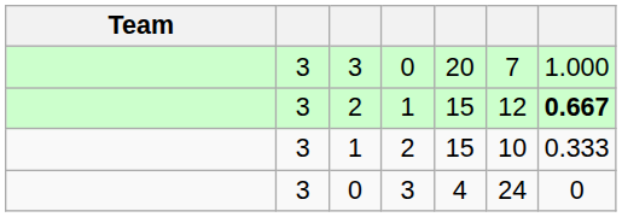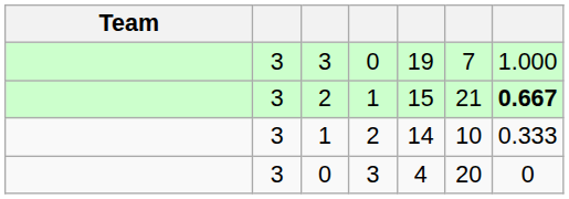 <table class="wikitable" style="text-align: center; font-size:100% ">
 <tr>
 <th width=160>Team</th>
 <th width=25></th>
 <th width=25></th>
 <th width=25></th>
 <th width=25></th>
 <th width=25></th>
 <th width=35></th>
 </tr>
 <tr bgcolor=ccffcc>
 <td align=left></td>
 <td>3</td>
 <td>3</td>
 <td>0</td>
-<td>20</td>
+<td>19</td>
 <td>7</td>
 <td>1.000</td>
 </tr>
 <tr bgcolor=ccffcc>
 <td align=left></td>
 <td>3</td>
 <td>2</td>
 <td>1</td>
 <td>15</td>
-<td>12</td>
+<td>21</td>
 <td><strong>0.667</strong></td>
 </tr>
 <tr>
 <td align=left></td>
 <td>3</td>
 <td>1</td>
 <td>2</td>
-<td>15</td>
+<td>14</td>
 <td>10</td>
 <td>0.333</td>
 </tr>
 <tr>
 <td align=left></td>
 <td>3</td>
 <td>0</td>
 <td>3</td>
 <td>4</td>
-<td>24</td>
+<td>20</td>
 <td>0</td>
 </tr>
 </table>
